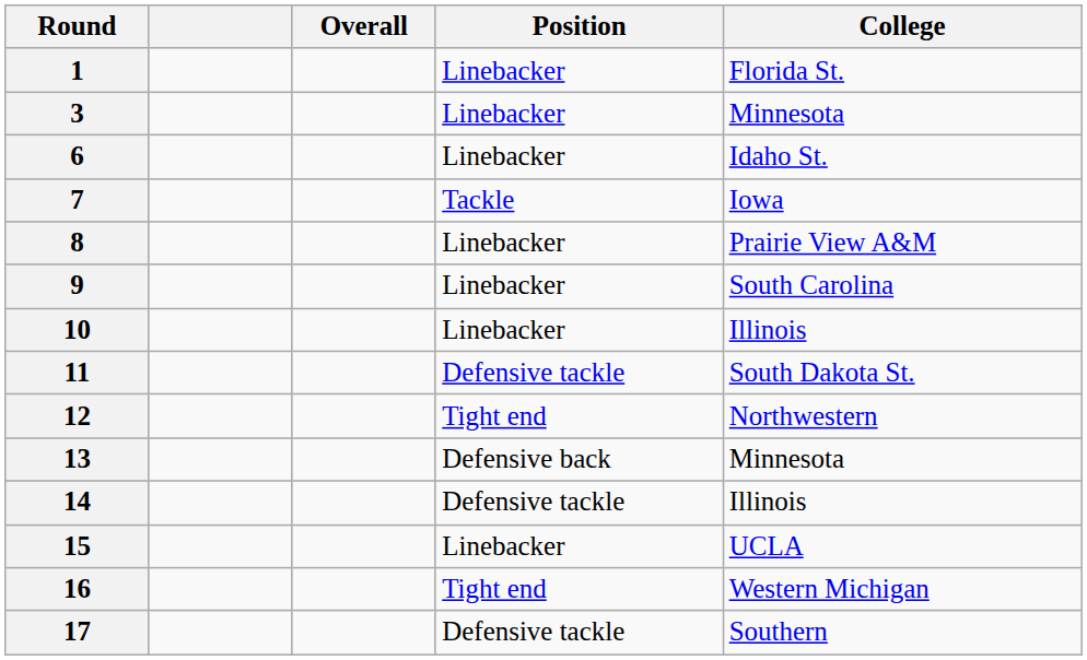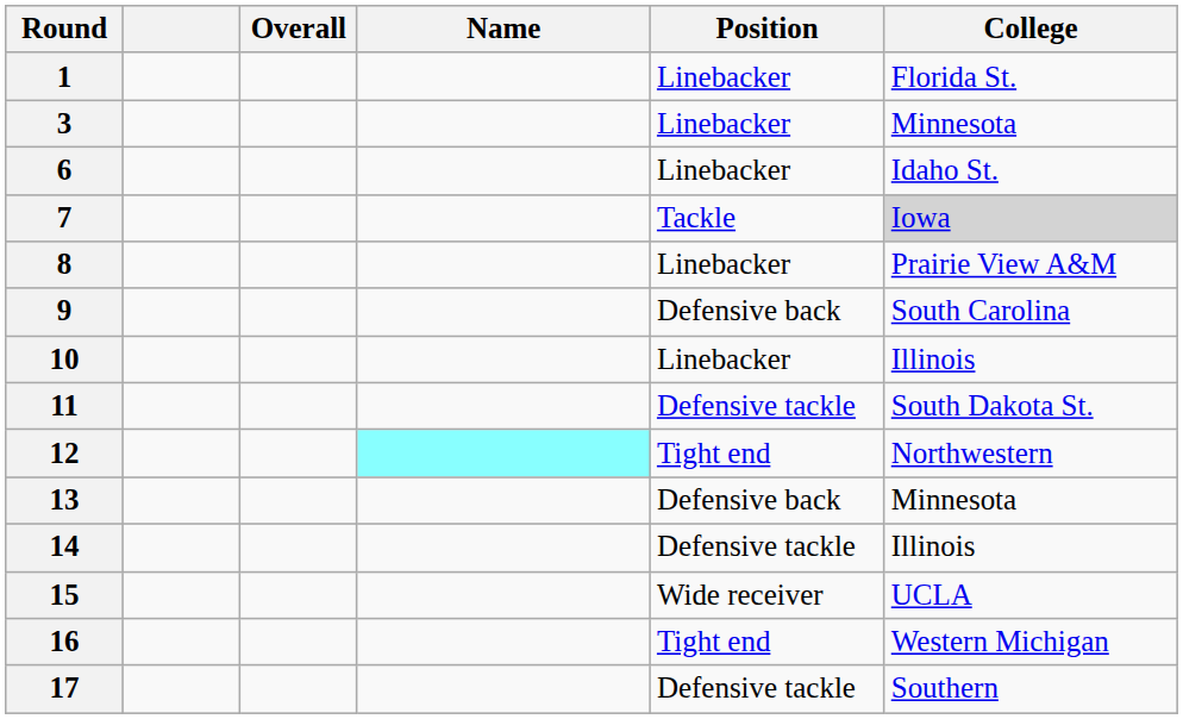 <table class="wikitable sortable" style="width: 50%;">
 <tr>
 <th scope="col" style="width: 10%;">Round</th>
 <th scope="col" style="width: 10%;"></th>
 <th scope="col" style="width: 10%;">Overall</th>
+<th scope="col" style="width: 25%;">Name</th>
 <th scope="col" style="width: 20%;">Position</th>
 <th scope="col" style="width: 25%;">College</th>
 </tr>
 <tr>
 <th scope="row">1</th>
+<td></td>
 <td></td>
 <td></td>
 <td><a href='#'>Linebacker</a></td>
 <td><a href='#'>Florida St.</a></td>
 </tr>
 <tr>
 <th scope="row">3</th>
 <td></td>
 <td></td>
+<td></td>
 <td><a href='#'>Linebacker</a></td>
 <td><a href='#'>Minnesota</a></td>
 </tr>
 <tr>
 <th scope="row">6</th>
+<td></td>
 <td></td>
 <td></td>
 <td>Linebacker</td>
 <td><a href='#'>Idaho St.</a></td>
 </tr>
 <tr>
 <th scope="row">7</th>
 <td></td>
 <td></td>
+<td></td>
 <td><a href='#'>Tackle</a></td>
-<td><a href='#'>Iowa</a></td>
+<td style="background: lightgrey;"><a href='#'>Iowa</a></td>
 </tr>
 <tr>
 <th scope="row">8</th>
+<td></td>
 <td></td>
 <td></td>
 <td>Linebacker</td>
 <td><a href='#'>Prairie View A&M</a></td>
 </tr>
 <tr>
 <th scope="row">9</th>
 <td></td>
 <td></td>
-<td>Linebacker</td>
+<td></td>
+<td>Defensive back</td>
 <td><a href='#'>South Carolina</a></td>
 </tr>
 <tr>
 <th scope="row">10</th>
+<td></td>
 <td></td>
 <td></td>
 <td>Linebacker</td>
 <td><a href='#'>Illinois</a></td>
 </tr>
 <tr>
 <th scope="row">11</th>
 <td></td>
 <td></td>
+<td></td>
 <td><a href='#'>Defensive tackle</a></td>
 <td><a href='#'>South Dakota St.</a></td>
 </tr>
 <tr>
 <th scope="row">12</th>
 <td></td>
 <td></td>
+<td style="background:#88FFFF;"> <sup></sup></td>
 <td><a href='#'>Tight end</a></td>
 <td><a href='#'>Northwestern</a></td>
 </tr>
 <tr>
 <th scope="row">13</th>
+<td></td>
 <td></td>
 <td></td>
 <td>Defensive back</td>
 <td>Minnesota</td>
 </tr>
 <tr>
 <th scope="row">14</th>
 <td></td>
 <td></td>
+<td></td>
 <td>Defensive tackle</td>
 <td>Illinois</td>
 </tr>
 <tr>
 <th scope="row">15</th>
 <td></td>
 <td></td>
-<td>Linebacker</td>
+<td></td>
+<td>Wide receiver</td>
 <td><a href='#'>UCLA</a></td>
 </tr>
 <tr>
 <th scope="row">16</th>
+<td></td>
 <td></td>
 <td></td>
 <td><a href='#'>Tight end</a></td>
 <td><a href='#'>Western Michigan</a></td>
 </tr>
 <tr>
 <th scope="row">17</th>
 <td></td>
 <td></td>
+<td></td>
 <td>Defensive tackle</td>
 <td><a href='#'>Southern</a></td>
 </tr>
 </table>
